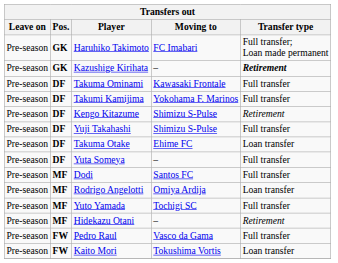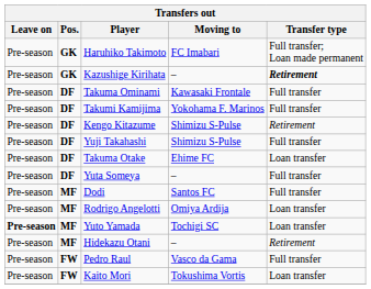 <table class="wikitable sortable" style=“text-align:left;>
 <tr>
 <th colspan="5">Transfers out</th>
 </tr>
 <tr>
 <th>Leave on</th>
 <th>Pos.</th>
 <th>Player</th>
 <th>Moving to</th>
 <th>Transfer type</th>
 </tr>
 <tr>
 <td>Pre-season</td>
 <td><strong>GK</strong></td>
 <td> <a href='#'>Haruhiko Takimoto</a></td>
 <td> <a href='#'>FC Imabari</a></td>
 <td>Full transfer;<br> Loan made permanent</td>
 </tr>
 <tr>
 <td>Pre-season</td>
 <td><strong>GK</strong></td>
 <td> <a href='#'>Kazushige Kirihata</a></td>
 <td>–</td>
 <td><strong><em>Retirement</em></strong></td>
 </tr>
 <tr>
 <td>Pre-season</td>
 <td><strong>DF</strong></td>
 <td> <a href='#'>Takuma Ominami</a></td>
 <td> <a href='#'>Kawasaki Frontale</a></td>
 <td>Full transfer</td>
 </tr>
 <tr>
 <td>Pre-season</td>
 <td><strong>DF</strong></td>
 <td> <a href='#'>Takumi Kamijima</a></td>
 <td> <a href='#'>Yokohama F. Marinos</a></td>
 <td>Full transfer</td>
 </tr>
 <tr>
 <td>Pre-season</td>
 <td><strong>DF</strong></td>
 <td> <a href='#'>Kengo Kitazume</a></td>
 <td> <a href='#'>Shimizu S-Pulse</a></td>
 <td><em>Retirement</em></td>
 </tr>
 <tr>
 <td>Pre-season</td>
 <td><strong>DF</strong></td>
 <td> <a href='#'>Yuji Takahashi</a></td>
 <td> <a href='#'>Shimizu S-Pulse</a></td>
 <td>Full transfer</td>
 </tr>
 <tr>
 <td>Pre-season</td>
 <td><strong>DF</strong></td>
 <td> <a href='#'>Takuma Otake</a></td>
 <td> <a href='#'>Ehime FC</a></td>
 <td>Loan transfer</td>
 </tr>
 <tr>
 <td>Pre-season</td>
 <td><strong>DF</strong></td>
 <td> <a href='#'>Yuta Someya</a></td>
 <td>–</td>
 <td>Full transfer</td>
 </tr>
 <tr>
 <td>Pre-season</td>
 <td><strong>MF</strong></td>
 <td> <a href='#'>Dodi</a></td>
 <td> <a href='#'>Santos FC</a></td>
 <td>Full transfer</td>
 </tr>
 <tr>
 <td>Pre-season</td>
 <td><strong>MF</strong></td>
 <td> <a href='#'>Rodrigo Angelotti</a></td>
 <td> <a href='#'>Omiya Ardija</a></td>
 <td>Loan transfer</td>
 </tr>
 <tr>
-<td>Pre-season</td>
+<td><strong>Pre-season</strong></td>
 <td><strong>MF</strong></td>
 <td> <a href='#'>Yuto Yamada</a></td>
 <td> <a href='#'>Tochigi SC</a></td>
-<td>Full transfer</td>
+<td>Loan transfer</td>
 </tr>
 <tr>
 <td>Pre-season</td>
 <td><strong>MF</strong></td>
 <td> <a href='#'>Hidekazu Otani</a></td>
 <td>–</td>
 <td><em>Retirement</em></td>
 </tr>
 <tr>
 <td>Pre-season</td>
 <td><strong>FW</strong></td>
 <td> <a href='#'>Pedro Raul</a></td>
 <td> <a href='#'>Vasco da Gama</a></td>
 <td>Full transfer</td>
 </tr>
 <tr>
 <td>Pre-season</td>
 <td><strong>FW</strong></td>
 <td> <a href='#'>Kaito Mori</a></td>
 <td> <a href='#'>Tokushima Vortis</a></td>
 <td>Loan transfer</td>
 </tr>
 <tr>
 </tr>
 </table>
